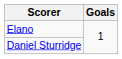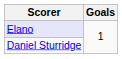 <table class="wikitable">
 <tr>
 <th>Scorer</th>
 <th>Goals</th>
 </tr>
 <tr>
-<td> <a href='#'>Elano</a></td>
+<td style="background: lavender;"> <a href='#'>Elano</a></td>
 <td rowspan="2" align=center>1</td>
 </tr>
 <tr>
 <td> <a href='#'>Daniel Sturridge</a></td>
 </tr>
 </table>
